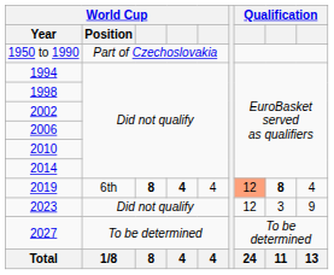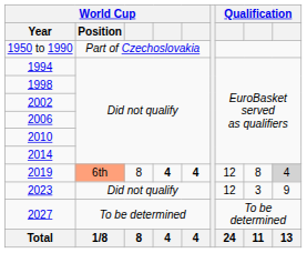 <table class="wikitable" style="text-align: center;font-size:90%;">
 <tr>
 <th colspan=5><a href='#'>World Cup</a></th>
 <th rowspan=13></th>
 <th colspan=3><a href='#'>Qualification</a></th>
 </tr>
 <tr>
 <th>Year</th>
 <th>Position</th>
 <th width=30></th>
 <th width=30></th>
 <th width=30></th>
 <th width=30></th>
 <th width=30></th>
 <th width=30></th>
 </tr>
 <tr>
 <td><a href='#'>1950</a> to <a href='#'>1990</a></td>
 <td colspan=4><em>Part of <a href='#'>Czechoslovakia</a></em></td>
 </tr>
 <tr>
 <td> <a href='#'>1994</a></td>
 <td colspan=4 rowspan=6><em>Did not qualify</em></td>
 <td colspan=3 rowspan=6><em>EuroBasket served<br>as qualifiers</em></td>
 </tr>
 <tr>
 <td> <a href='#'>1998</a></td>
 </tr>
 <tr>
 <td> <a href='#'>2002</a></td>
 </tr>
 <tr>
 <td> <a href='#'>2006</a></td>
 </tr>
 <tr>
 <td> <a href='#'>2010</a></td>
 </tr>
 <tr>
 <td> <a href='#'>2014</a></td>
 </tr>
 <tr>
 <td> <a href='#'>2019</a></td>
-<td>6th</td>
-<td><strong>8</strong></td>
+<td style="background: lightsalmon;">6th</td>
+<td>8</td>
 <td><strong>4</strong></td>
-<td>4</td>
-<td style="background: lightsalmon;">12</td>
-<td><strong>8</strong></td>
-<td>4</td>
+<td><strong>4</strong></td>
+<td>12</td>
+<td>8</td>
+<td style="background: lightgrey;">4</td>
 </tr>
 <tr>
 <td> <a href='#'>2023</a></td>
 <td colspan=4><em>Did not qualify</em></td>
 <td>12</td>
 <td>3</td>
 <td>9</td>
 </tr>
 <tr>
 <td> <a href='#'>2027</a></td>
 <td colspan=4><em>To be determined</em></td>
 <td colspan=3><em>To be determined</em></td>
 </tr>
 <tr>
 <th>Total</th>
 <th>1/8</th>
 <th>8</th>
 <th>4</th>
 <th>4</th>
 <th>24</th>
 <th>11</th>
 <th>13</th>
 </tr>
 </table>
